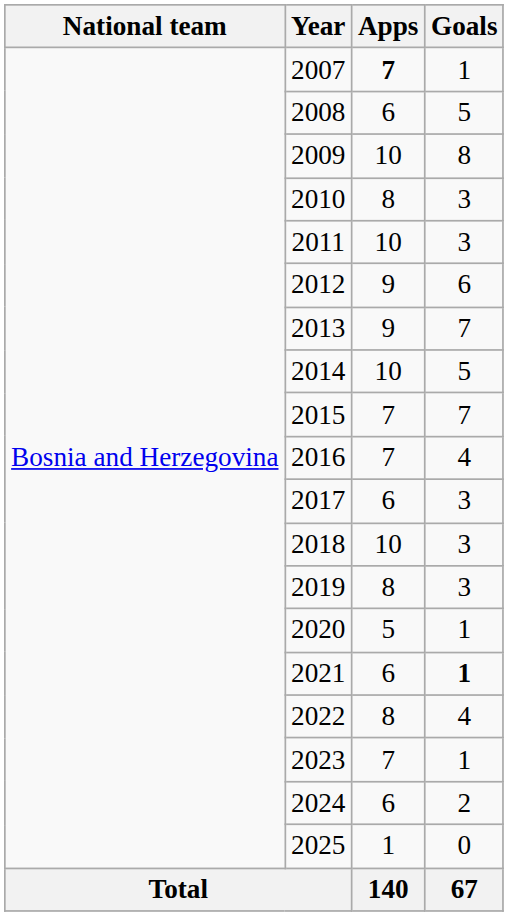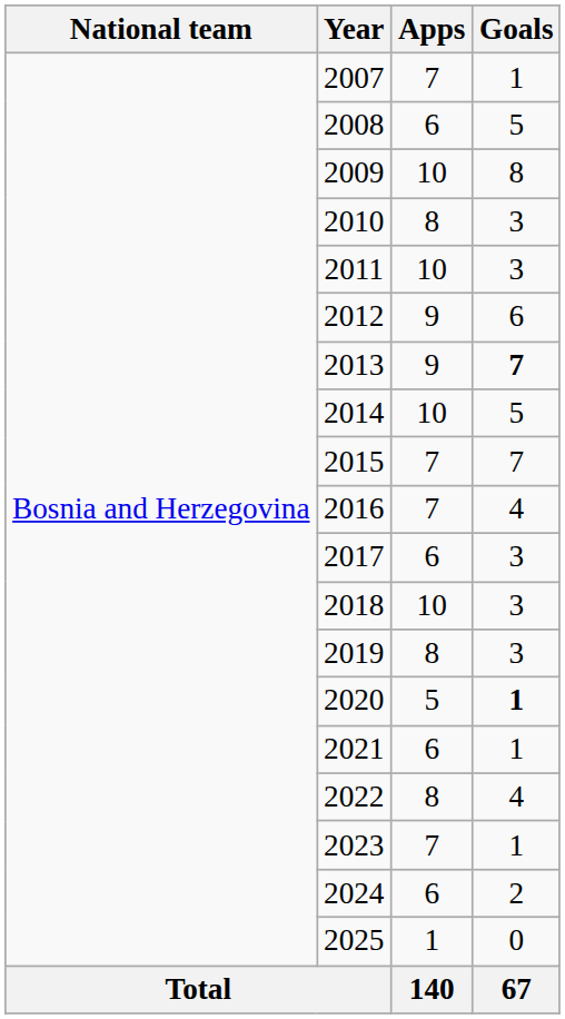 <table class=wikitable style=text-align:center>
 <tr>
 <th>National team</th>
 <th>Year</th>
 <th>Apps</th>
 <th>Goals</th>
 </tr>
 <tr>
 <td rowspan=19><a href='#'>Bosnia and Herzegovina</a></td>
 <td>2007</td>
-<td><strong>7</strong></td>
+<td>7</td>
 <td>1</td>
 </tr>
 <tr>
 <td>2008</td>
 <td>6</td>
 <td>5</td>
 </tr>
 <tr>
 <td>2009</td>
 <td>10</td>
 <td>8</td>
 </tr>
 <tr>
 <td>2010</td>
 <td>8</td>
 <td>3</td>
 </tr>
 <tr>
 <td>2011</td>
 <td>10</td>
 <td>3</td>
 </tr>
 <tr>
 <td>2012</td>
 <td>9</td>
 <td>6</td>
 </tr>
 <tr>
 <td>2013</td>
 <td>9</td>
-<td>7</td>
+<td><strong>7</strong></td>
 </tr>
 <tr>
 <td>2014</td>
 <td>10</td>
 <td>5</td>
 </tr>
 <tr>
 <td>2015</td>
 <td>7</td>
 <td>7</td>
 </tr>
 <tr>
 <td>2016</td>
 <td>7</td>
 <td>4</td>
 </tr>
 <tr>
 <td>2017</td>
 <td>6</td>
 <td>3</td>
 </tr>
 <tr>
 <td>2018</td>
 <td>10</td>
 <td>3</td>
 </tr>
 <tr>
 <td>2019</td>
 <td>8</td>
 <td>3</td>
 </tr>
 <tr>
 <td>2020</td>
 <td>5</td>
-<td>1</td>
+<td><strong>1</strong></td>
 </tr>
 <tr>
 <td>2021</td>
 <td>6</td>
-<td><strong>1</strong></td>
+<td>1</td>
 </tr>
 <tr>
 <td>2022</td>
 <td>8</td>
 <td>4</td>
 </tr>
 <tr>
 <td>2023</td>
 <td>7</td>
 <td>1</td>
 </tr>
 <tr>
 <td>2024</td>
 <td>6</td>
 <td>2</td>
 </tr>
 <tr>
 <td>2025</td>
 <td>1</td>
 <td>0</td>
 </tr>
 <tr>
 <th colspan=2>Total</th>
 <th>140</th>
 <th>67</th>
 </tr>
 </table>
